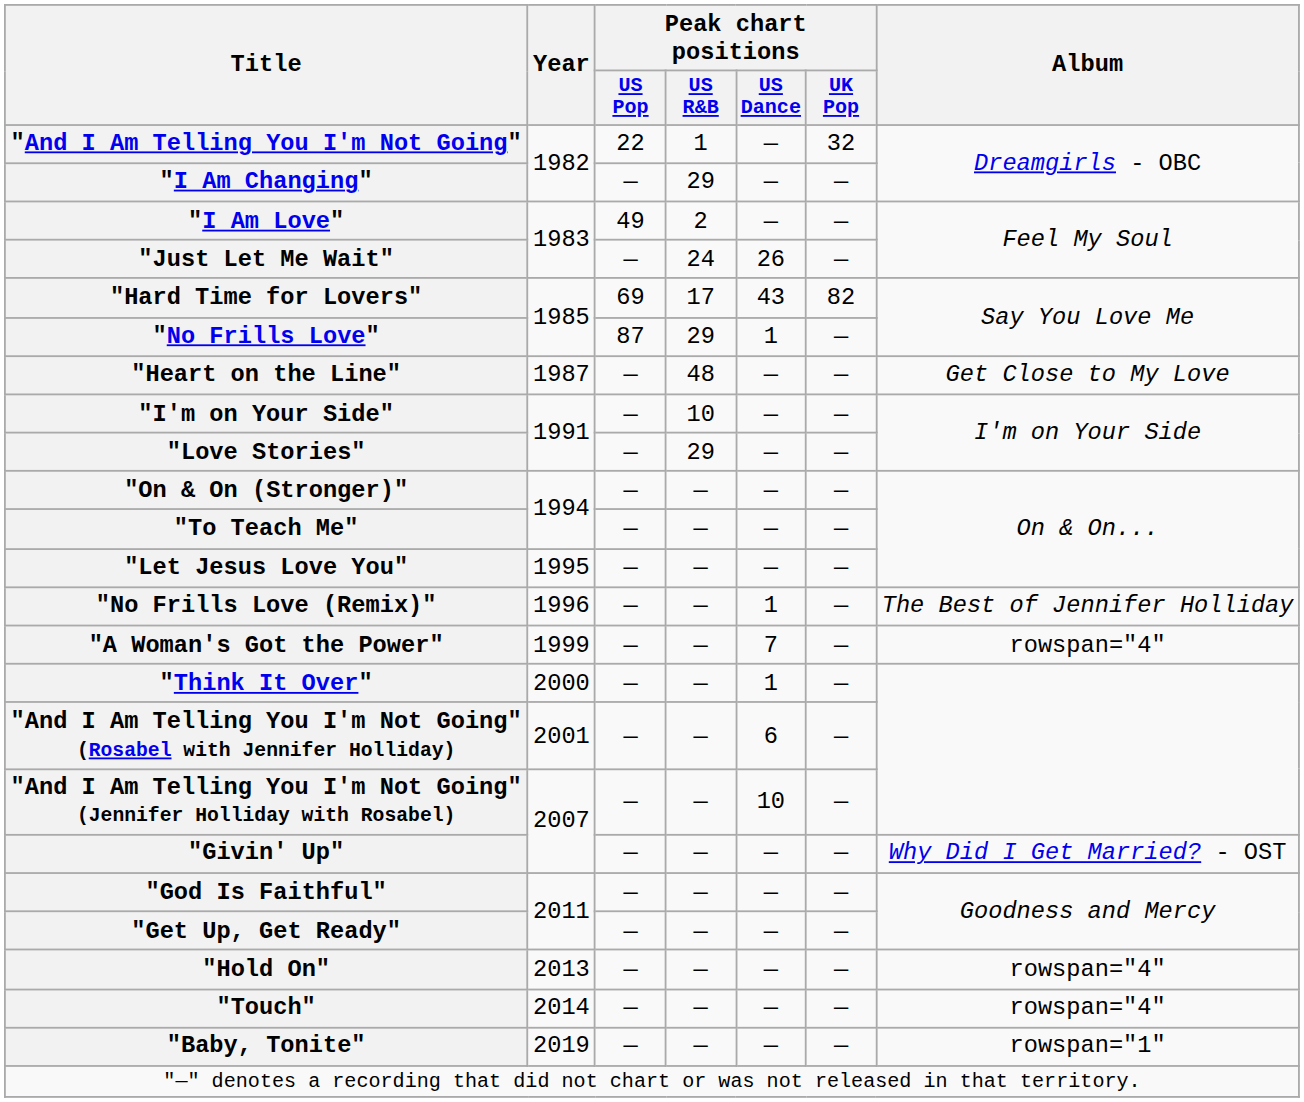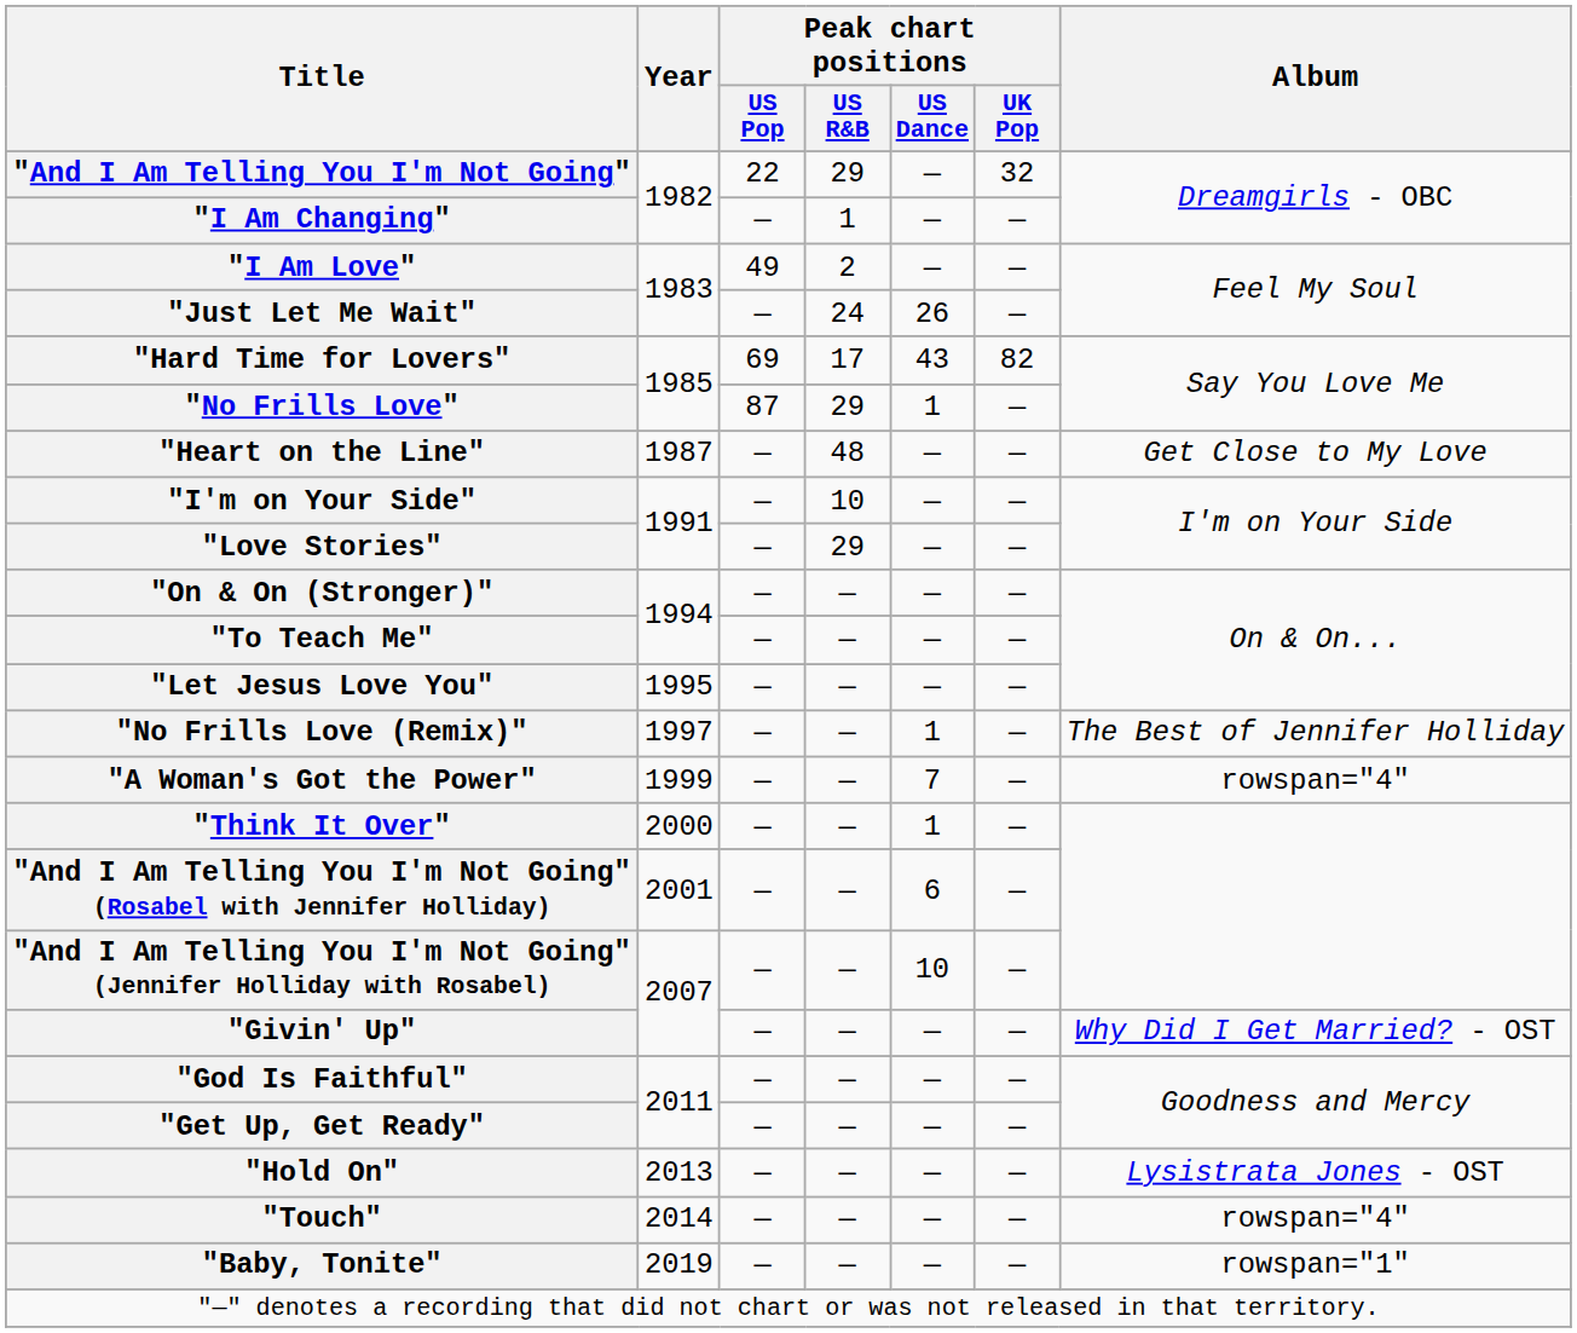 <table class="wikitable plainrowheaders" style="text-align:center;">
 <tr>
 <th scope="col" rowspan="2">Title</th>
 <th scope="col" rowspan="2">Year</th>
 <th scope="col" colspan="4">Peak chart positions</th>
 <th scope="col" rowspan="2">Album</th>
 </tr>
 <tr>
 <th scope="col" style="width:3em;font-size:85%;"><a href='#'>US Pop</a><br></th>
 <th scope="col" style="width:3em;font-size:85%;"><a href='#'>US R&B</a><br></th>
 <th scope="col" style="width:3em;font-size:85%;"><a href='#'>US Dance</a><br></th>
 <th scope="col" style="width:3em;font-size:85%;"><a href='#'>UK Pop</a><br></th>
 </tr>
 <tr>
 <th scope="row">"<a href='#'>And I Am Telling You I'm Not Going</a>"</th>
 <td rowspan="2">1982</td>
 <td>22</td>
-<td>1</td>
+<td>29</td>
 <td>—</td>
 <td>32</td>
 <td rowspan="2"><em><a href='#'>Dreamgirls</a></em> - OBC</td>
 </tr>
 <tr>
 <th scope="row">"<a href='#'>I Am Changing</a>"</th>
 <td>—</td>
-<td>29</td>
+<td>1</td>
 <td>—</td>
 <td>—</td>
 </tr>
 <tr>
 <th scope="row">"<a href='#'>I Am Love</a>"</th>
 <td rowspan="2">1983</td>
 <td>49</td>
 <td>2</td>
 <td>—</td>
 <td>—</td>
 <td rowspan="2"><em>Feel My Soul</em></td>
 </tr>
 <tr>
 <th scope="row">"Just Let Me Wait"</th>
 <td>—</td>
 <td>24</td>
 <td>26</td>
 <td>—</td>
 </tr>
 <tr>
 <th scope="row">"Hard Time for Lovers"</th>
 <td rowspan="2">1985</td>
 <td>69</td>
 <td>17</td>
 <td>43</td>
 <td>82</td>
 <td rowspan="2"><em>Say You Love Me</em></td>
 </tr>
 <tr>
 <th scope="row">"<a href='#'>No Frills Love</a>"</th>
 <td>87</td>
 <td>29</td>
 <td>1</td>
 <td>—</td>
 </tr>
 <tr>
 <th scope="row">"Heart on the Line"</th>
 <td rowspan="1">1987</td>
 <td>—</td>
 <td>48</td>
 <td>—</td>
 <td>—</td>
 <td rowspan="1"><em>Get Close to My Love</em></td>
 </tr>
 <tr>
 <th scope="row">"I'm on Your Side"</th>
 <td rowspan="2">1991</td>
 <td>—</td>
 <td>10</td>
 <td>—</td>
 <td>—</td>
 <td rowspan="2"><em>I'm on Your Side</em></td>
 </tr>
 <tr>
 <th scope="row">"Love Stories"</th>
 <td>—</td>
 <td>29</td>
 <td>—</td>
 <td>—</td>
 </tr>
 <tr>
 <th scope="row">"On & On (Stronger)"</th>
 <td rowspan="2">1994</td>
 <td>—</td>
 <td>—</td>
 <td>—</td>
 <td>—</td>
 <td rowspan="3"><em>On & On...</em></td>
 </tr>
 <tr>
 <th scope="row">"To Teach Me"</th>
 <td>—</td>
 <td>—</td>
 <td>—</td>
 <td>—</td>
 </tr>
 <tr>
 <th scope="row">"Let Jesus Love You"</th>
 <td rowspan="1">1995</td>
 <td>—</td>
 <td>—</td>
 <td>—</td>
 <td>—</td>
 </tr>
 <tr>
 <th scope="row">"No Frills Love (Remix)"</th>
-<td rowspan="1">1996</td>
+<td rowspan="1">1997</td>
 <td>—</td>
 <td>—</td>
 <td>1</td>
 <td>—</td>
 <td rowspan="1"><em>The Best of Jennifer Holliday </em></td>
 </tr>
 <tr>
 <th scope="row">"A Woman's Got the Power"</th>
 <td rowspan="1">1999</td>
 <td>—</td>
 <td>—</td>
 <td>7</td>
 <td>—</td>
 <td>rowspan="4" </td>
 </tr>
 <tr>
 <th scope="row">"<a href='#'>Think It Over</a>"</th>
 <td>2000</td>
 <td>—</td>
 <td>—</td>
 <td>1</td>
 <td>—</td>
 </tr>
 <tr>
 <th scope="row">"And I Am Telling You I'm Not Going"<br><small>(<a href='#'>Rosabel</a> with Jennifer Holliday)</small></th>
 <td rowspan="1">2001</td>
 <td>—</td>
 <td>—</td>
 <td>6</td>
 <td>—</td>
 </tr>
 <tr>
 <th scope="row">"And I Am Telling You I'm Not Going"<br><small>(Jennifer Holliday with Rosabel)</small></th>
 <td rowspan="2">2007</td>
 <td>—</td>
 <td>—</td>
 <td>10</td>
 <td>—</td>
 </tr>
 <tr>
 <th scope="row">"Givin' Up"</th>
 <td>—</td>
 <td>—</td>
 <td>—</td>
 <td>—</td>
 <td rowspan="1"><em><a href='#'>Why Did I Get Married?</a></em> - OST</td>
 </tr>
 <tr>
 <th scope="row">"God Is Faithful"</th>
 <td rowspan="2">2011</td>
 <td>—</td>
 <td>—</td>
 <td>—</td>
 <td>—</td>
 <td rowspan="2"><em>Goodness and Mercy</em></td>
 </tr>
 <tr>
 <th scope="row">"Get Up, Get Ready"</th>
 <td>—</td>
 <td>—</td>
 <td>—</td>
 <td>—</td>
 </tr>
 <tr>
 <th scope="row">"Hold On"</th>
 <td rowspan="1">2013</td>
 <td>—</td>
 <td>—</td>
 <td>—</td>
 <td>—</td>
-<td>rowspan="4" </td>
+<td rowspan="1"><em><a href='#'>Lysistrata Jones</a></em> - OST</td>
 </tr>
 <tr>
 <th scope="row">"Touch"</th>
 <td rowspan="1">2014</td>
 <td>—</td>
 <td>—</td>
 <td>—</td>
 <td>—</td>
 <td>rowspan="4" </td>
 </tr>
 <tr>
 <th scope="row">"Baby, Tonite"</th>
 <td>2019</td>
 <td>—</td>
 <td>—</td>
 <td>—</td>
 <td>—</td>
 <td>rowspan="1" </td>
 </tr>
 <tr>
 <td colspan="7" style="font-size:85%">"—" denotes a recording that did not chart or was not released in that territory.</td>
 </tr>
 </table>
